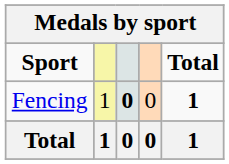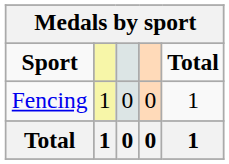 <table class="wikitable" border="1" style="font-size:85%; float:right">
 <tr bgcolor=#efefef>
 <th colspan=7><strong>Medals by sport</strong></th>
 </tr>
 <tr align=center>
 <td><strong>Sport</strong></td>
 <td bgcolor=#f7f6a8></td>
 <td bgcolor=#dce5e5></td>
 <td bgcolor=#ffdab9></td>
 <td><strong>Total</strong></td>
 </tr>
 <tr align=center>
 <td><a href='#'>Fencing</a></td>
 <td bgcolor=#f7f6a8>1</td>
-<td bgcolor=#dce5e5><strong>0</strong></td>
+<td bgcolor=#dce5e5>0</td>
 <td bgcolor=#ffdab9>0</td>
-<td><strong>1</strong></td>
+<td>1</td>
 </tr>
 <tr align=center>
 <th><strong>Total</strong></th>
 <th bgcolor=gold><strong>1</strong></th>
 <th bgcolor=silver><strong>0</strong></th>
 <th bgcolor=#c96><strong>0</strong></th>
 <th><strong>1</strong></th>
 </tr>
 </table>
